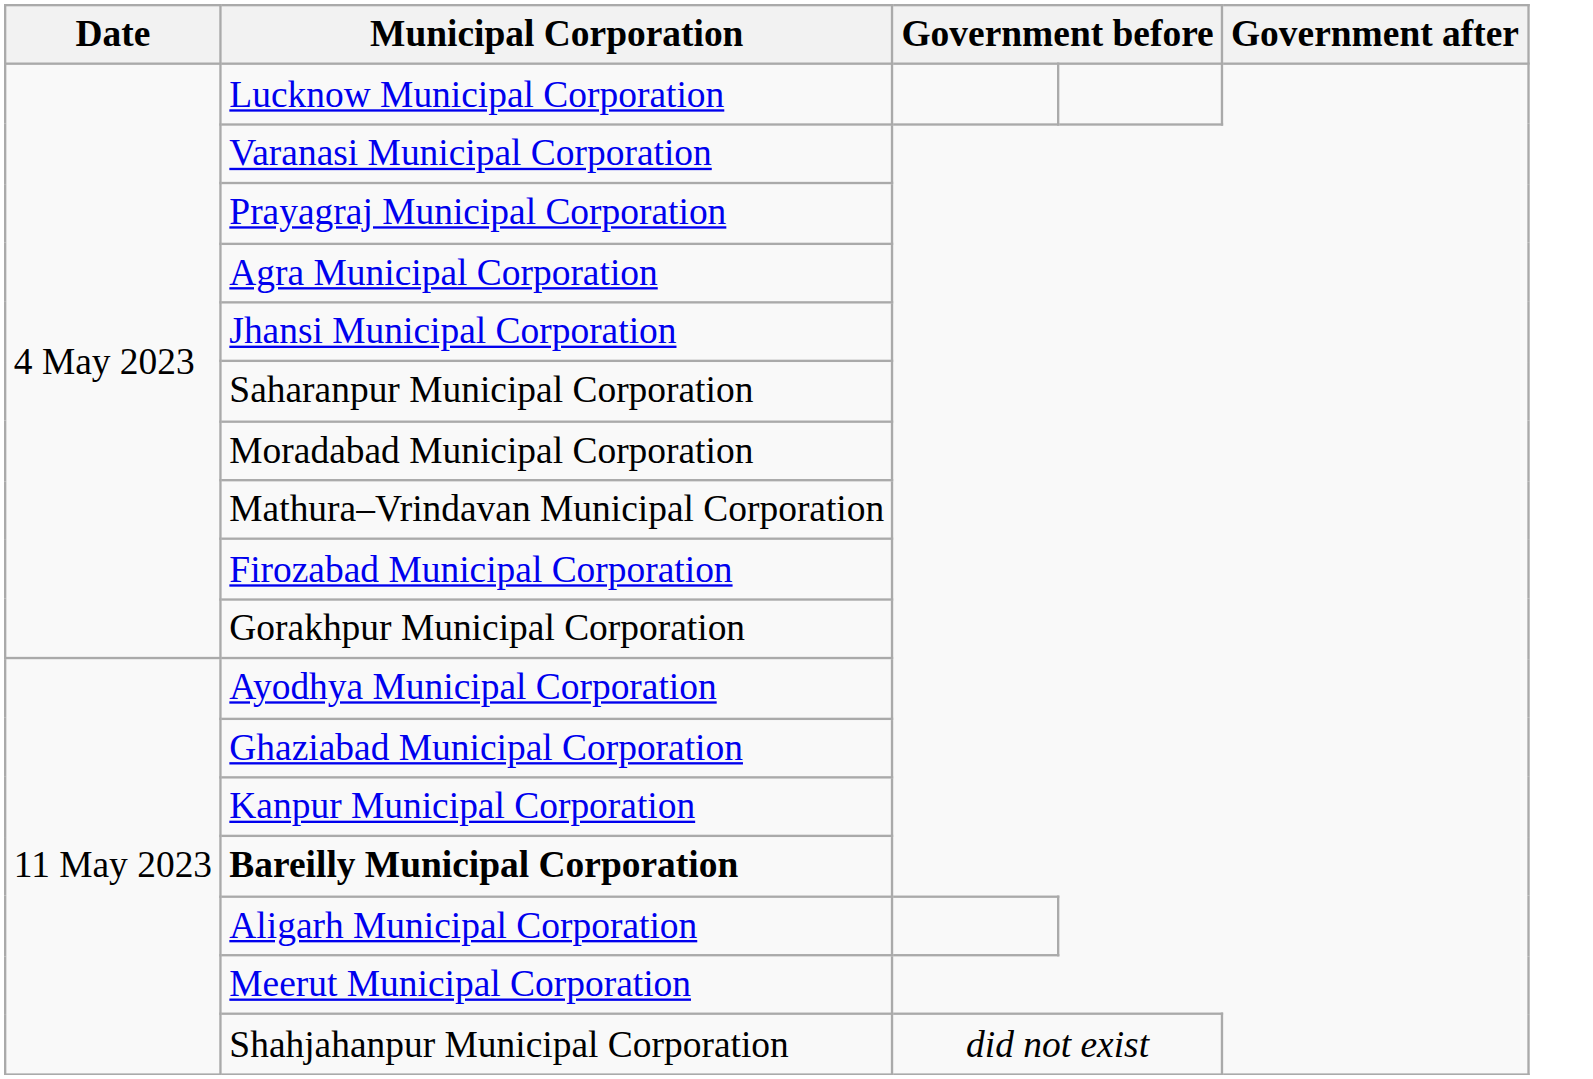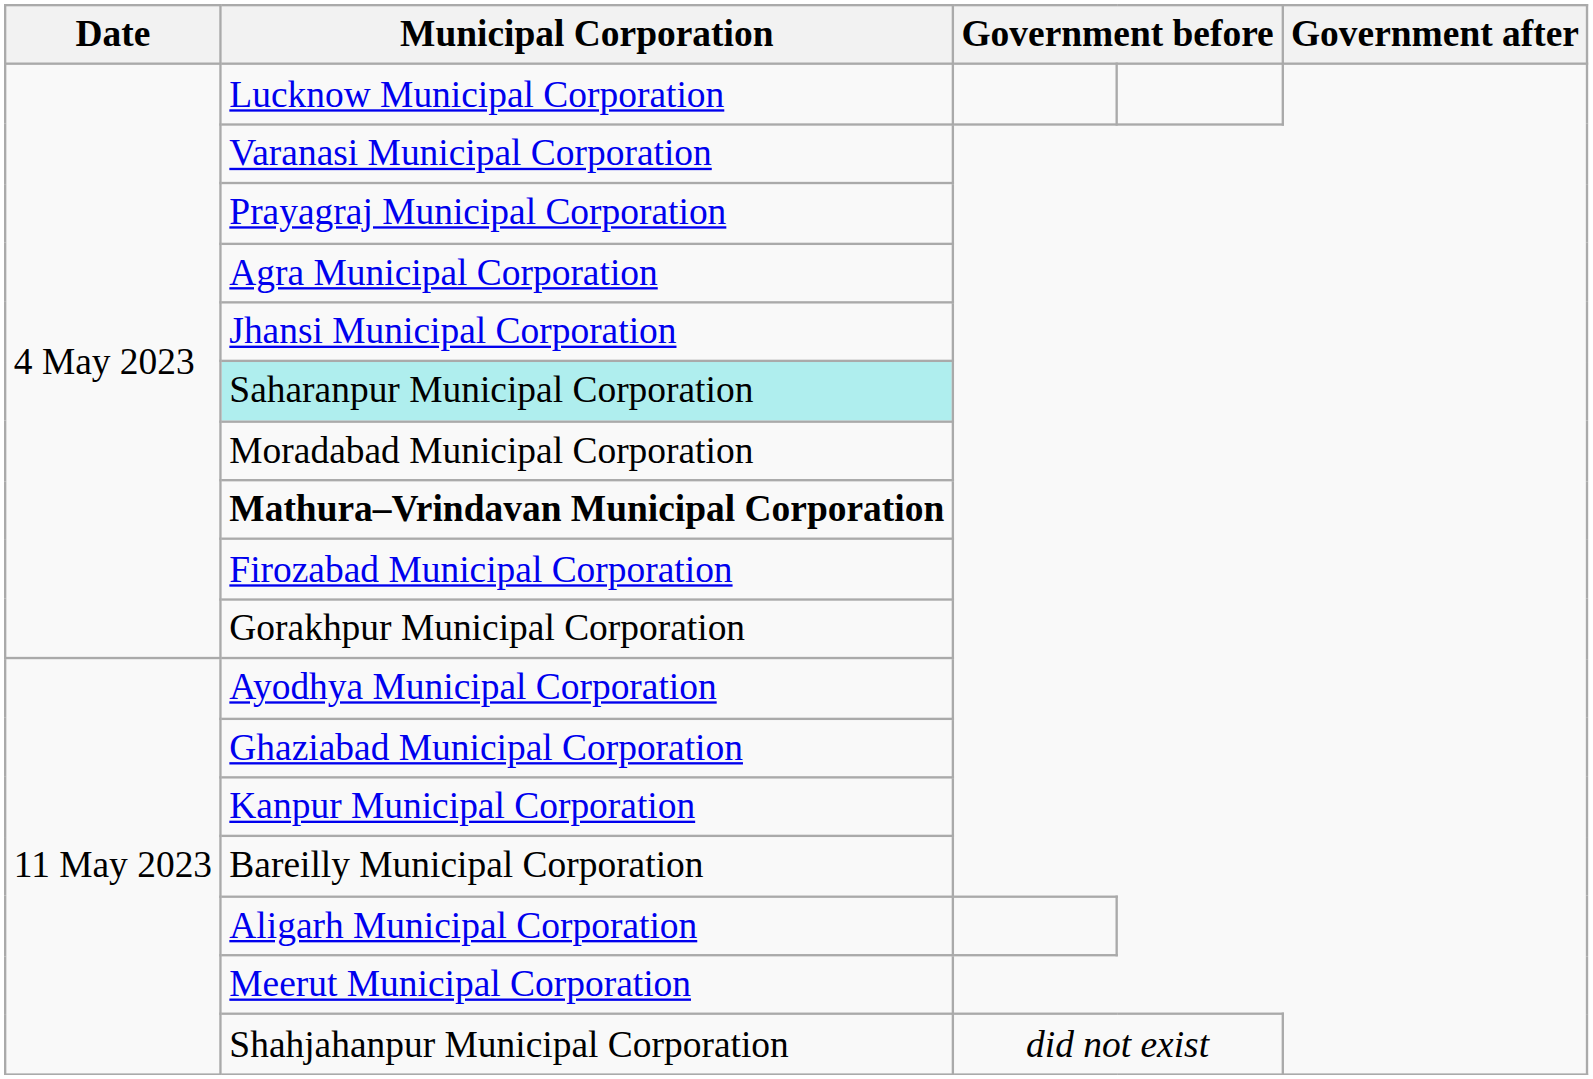 <table class="wikitable sortable">
 <tr>
 <th>Date</th>
 <th>Municipal Corporation</th>
 <th colspan="2">Government before</th>
 <th colspan="2">Government after</th>
 </tr>
 <tr>
 <td rowspan="10">4 May 2023</td>
 <td><a href='#'>Lucknow Municipal Corporation</a></td>
 <td></td>
 <td></td>
 </tr>
 <tr>
 <td><a href='#'>Varanasi Municipal Corporation</a></td>
 </tr>
 <tr>
 <td><a href='#'>Prayagraj Municipal Corporation</a></td>
 </tr>
 <tr>
 <td><a href='#'>Agra Municipal Corporation</a></td>
 </tr>
 <tr>
 <td><a href='#'>Jhansi Municipal Corporation</a></td>
 </tr>
 <tr>
-<td>Saharanpur Municipal Corporation</td>
+<td style="background: paleturquoise;">Saharanpur Municipal Corporation</td>
 </tr>
 <tr>
 <td>Moradabad Municipal Corporation</td>
 </tr>
 <tr>
-<td>Mathura–Vrindavan Municipal Corporation</td>
+<td><strong>Mathura–Vrindavan Municipal Corporation</strong></td>
 </tr>
 <tr>
 <td><a href='#'>Firozabad Municipal Corporation</a></td>
 </tr>
 <tr>
 <td>Gorakhpur Municipal Corporation</td>
 </tr>
 <tr>
 <td rowspan="7">11 May 2023</td>
 <td><a href='#'>Ayodhya Municipal Corporation</a></td>
 </tr>
 <tr>
 <td><a href='#'>Ghaziabad Municipal Corporation</a></td>
 </tr>
 <tr>
 <td><a href='#'>Kanpur Municipal Corporation</a></td>
 </tr>
 <tr>
-<td><strong>Bareilly Municipal Corporation</strong></td>
+<td>Bareilly Municipal Corporation</td>
 </tr>
 <tr>
 <td><a href='#'>Aligarh Municipal Corporation</a></td>
 <td></td>
 </tr>
 <tr>
 <td><a href='#'>Meerut Municipal Corporation</a></td>
 </tr>
 <tr>
 <td>Shahjahanpur Municipal Corporation</td>
 <td style="text-align:center;" colspan=2><em>did not exist</em></td>
 </tr>
 </table>
